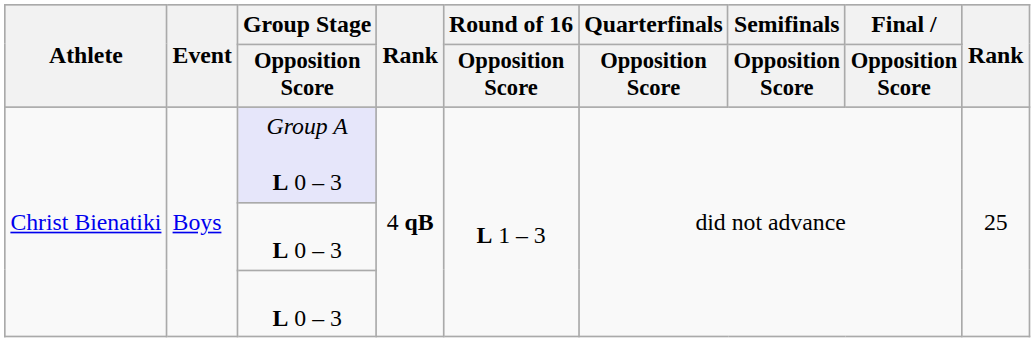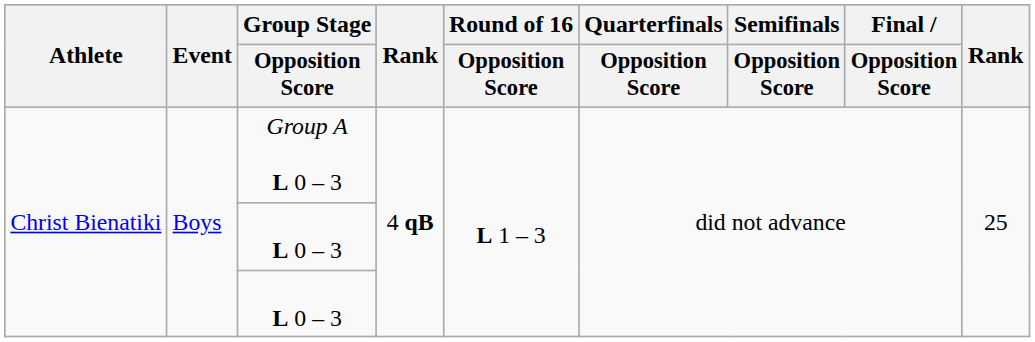 <table class=wikitable style="font-size:90%">
 <tr>
 <th rowspan="2">Athlete</th>
 <th rowspan="2">Event</th>
 <th>Group Stage</th>
 <th rowspan="2">Rank</th>
 <th>Round of 16</th>
 <th>Quarterfinals</th>
 <th>Semifinals</th>
 <th>Final / </th>
 <th rowspan=2>Rank</th>
 </tr>
 <tr style="font-size:95%">
 <th>Opposition<br>Score</th>
 <th>Opposition<br>Score</th>
 <th>Opposition<br>Score</th>
 <th>Opposition<br>Score</th>
 <th>Opposition<br>Score</th>
 </tr>
 <tr align=center>
 <td align=left rowspan=3><a href='#'>Christ Bienatiki</a></td>
 <td align=left rowspan=3><a href='#'>Boys</a></td>
-<td style="background: lavender;"><em>Group A</em><br><br><strong>L</strong> 0 – 3</td>
+<td><em>Group A</em><br><br><strong>L</strong> 0 – 3</td>
 <td rowspan=3>4 <strong>qB</strong></td>
 <td rowspan=3><br><strong>L</strong> 1 – 3</td>
 <td rowspan=3 colspan=3>did not advance</td>
 <td rowspan=3>25</td>
 </tr>
 <tr align=center>
 <td><br><strong>L</strong> 0 – 3</td>
 </tr>
 <tr align=center>
 <td><br><strong>L</strong> 0 – 3</td>
 </tr>
 </table>
